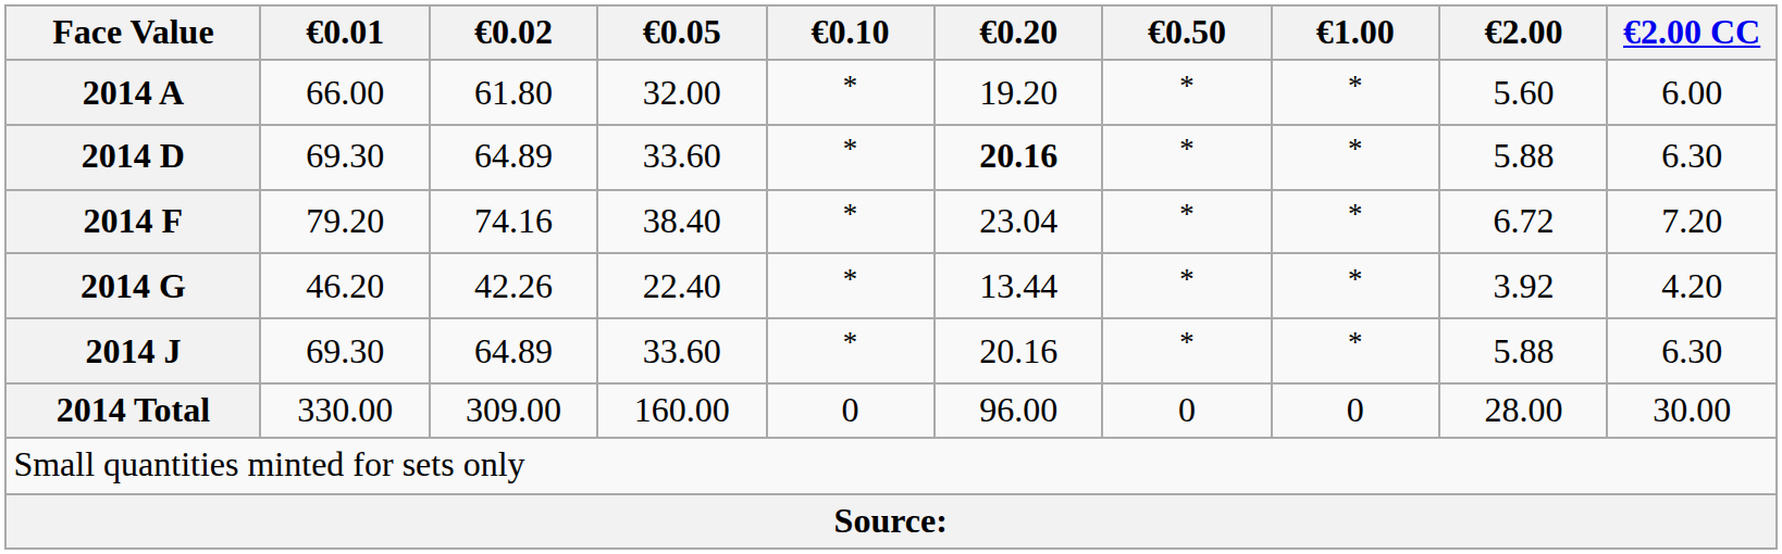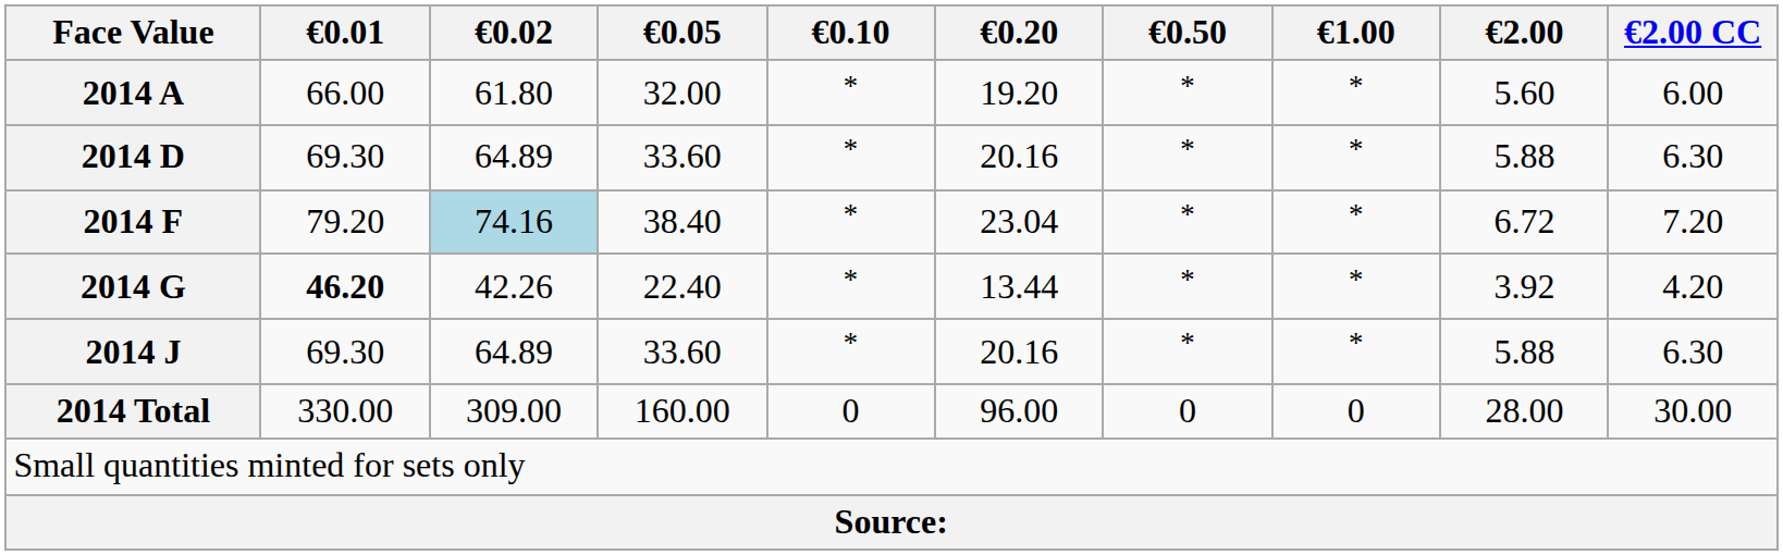 <table class="wikitable" style="text-align:center">
 <tr>
 <th align=left width=110px>Face Value</th>
 <th align=left width=70px>€0.01</th>
 <th align=left width=70px>€0.02</th>
 <th align=left width=70px>€0.05</th>
 <th align=left width=70px>€0.10</th>
 <th align=left width=70px>€0.20</th>
 <th align=left width=70px>€0.50</th>
 <th align=left width=70px>€1.00</th>
 <th align=left width=70px>€2.00</th>
 <th align=left width=70px><a href='#'>€2.00 CC</a></th>
 </tr>
 <tr>
 <th>2014 A</th>
 <td>66.00</td>
 <td>61.80</td>
 <td>32.00</td>
 <td><sup>*</sup></td>
 <td>19.20</td>
 <td><sup>*</sup></td>
 <td><sup>*</sup></td>
 <td>5.60</td>
 <td>6.00</td>
 </tr>
 <tr>
 <th>2014 D</th>
 <td>69.30</td>
 <td>64.89</td>
 <td>33.60</td>
 <td><sup>*</sup></td>
-<td><strong>20.16</strong></td>
+<td>20.16</td>
 <td><sup>*</sup></td>
 <td><sup>*</sup></td>
 <td>5.88</td>
 <td>6.30</td>
 </tr>
 <tr>
 <th>2014 F</th>
 <td>79.20</td>
-<td>74.16</td>
+<td style="background: lightblue;">74.16</td>
 <td>38.40</td>
 <td><sup>*</sup></td>
 <td>23.04</td>
 <td><sup>*</sup></td>
 <td><sup>*</sup></td>
 <td>6.72</td>
 <td>7.20</td>
 </tr>
 <tr>
 <th>2014 G</th>
-<td>46.20</td>
+<td><strong>46.20</strong></td>
 <td>42.26</td>
 <td>22.40</td>
 <td><sup>*</sup></td>
 <td>13.44</td>
 <td><sup>*</sup></td>
 <td><sup>*</sup></td>
 <td>3.92</td>
 <td>4.20</td>
 </tr>
 <tr>
 <th>2014 J</th>
 <td>69.30</td>
 <td>64.89</td>
 <td>33.60</td>
 <td><sup>*</sup></td>
 <td>20.16</td>
 <td><sup>*</sup></td>
 <td><sup>*</sup></td>
 <td>5.88</td>
 <td>6.30</td>
 </tr>
 <tr>
 <th>2014 Total</th>
 <td>330.00</td>
 <td>309.00</td>
 <td>160.00</td>
 <td>0</td>
 <td>96.00</td>
 <td>0</td>
 <td>0</td>
 <td>28.00</td>
 <td>30.00</td>
 </tr>
 <tr>
 <td align=left colspan=10> Small quantities minted for sets only</td>
 </tr>
 <tr>
 <th colspan=10>Source:</th>
 </tr>
 <tr>
 </tr>
 </table>
